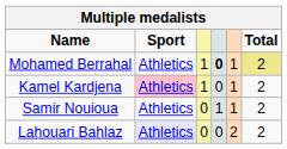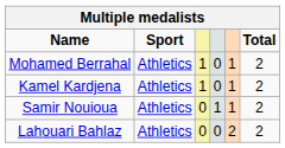 <table class=wikitable style="font-size:90%; float:right;clear:right;margin-left:0.5em;">
 <tr style="background:#efefef;">
 <th colspan=7>Multiple medalists</th>
 </tr>
 <tr align=center>
 <td><strong>Name</strong></td>
 <td><strong>Sport</strong></td>
 <td style="background:#f7f6a8;"></td>
 <td style="background:#dce5e5;"></td>
 <td style="background:#ffdab9;"></td>
 <td><strong>Total</strong></td>
 </tr>
 <tr align=center>
 <td><a href='#'>Mohamed Berrahal</a></td>
 <td><a href='#'>Athletics</a></td>
 <td style="background:#f7f6a8;">1</td>
-<td style="background:#dce5e5;"><strong>0</strong></td>
+<td style="background:#dce5e5;">0</td>
 <td style="background:#ffdab9;">1</td>
-<td style="background: khaki;">2</td>
+<td>2</td>
 </tr>
 <tr align=center>
 <td><a href='#'>Kamel Kardjena</a></td>
-<td style="background: pink;"><a href='#'>Athletics</a></td>
+<td><a href='#'>Athletics</a></td>
 <td style="background:#f7f6a8;">1</td>
 <td style="background:#dce5e5;">0</td>
 <td style="background:#ffdab9;">1</td>
 <td>2</td>
 </tr>
 <tr align=center>
 <td><a href='#'>Samir Nouioua</a></td>
 <td><a href='#'>Athletics</a></td>
 <td style="background:#f7f6a8;">0</td>
 <td style="background:#dce5e5;">1</td>
 <td style="background:#ffdab9;">1</td>
 <td>2</td>
 </tr>
 <tr align=center>
 <td><a href='#'>Lahouari Bahlaz</a></td>
-<td style="background: lavender;"><a href='#'>Athletics</a></td>
+<td><a href='#'>Athletics</a></td>
 <td style="background:#f7f6a8;">0</td>
 <td style="background:#dce5e5;">0</td>
 <td style="background:#ffdab9;">2</td>
 <td>2</td>
 </tr>
 </table>
